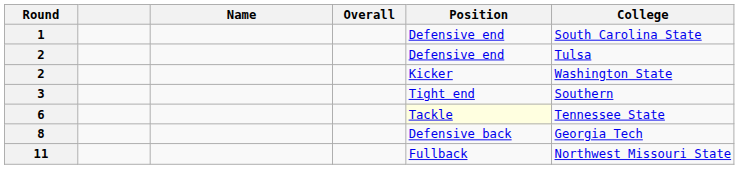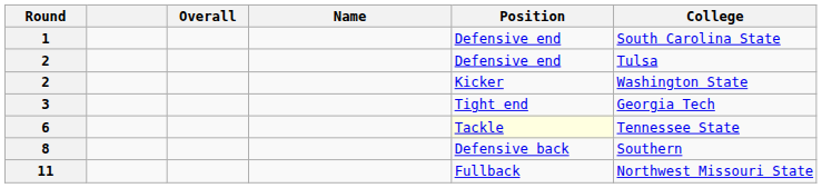 <table class="wikitable sortable">
 <tr>
 <th scope="col" style="width: 10%;">Round</th>
 <th scope="col" style="width: 10%;"></th>
+<th scope="col" style="width: 10%;">Overall</th>
 <th scope="col" style="width: 25%;">Name</th>
-<th scope="col" style="width: 10%;">Overall</th>
 <th scope="col" style="width: 20%;">Position</th>
 <th scope="col" style="width: 25%;">College</th>
 </tr>
 <tr>
 <th scope="row">1</th>
 <td></td>
 <td></td>
 <td></td>
 <td><a href='#'>Defensive end</a></td>
 <td><a href='#'>South Carolina State</a></td>
 </tr>
 <tr>
 <th scope="row">2</th>
 <td></td>
 <td></td>
 <td></td>
 <td><a href='#'>Defensive end</a></td>
 <td><a href='#'>Tulsa</a></td>
 </tr>
 <tr>
 <th scope="row">2</th>
 <td></td>
 <td></td>
 <td></td>
 <td><a href='#'>Kicker</a></td>
 <td><a href='#'>Washington State</a></td>
 </tr>
 <tr>
 <th scope="row">3</th>
 <td></td>
 <td></td>
 <td></td>
 <td><a href='#'>Tight end</a></td>
-<td><a href='#'>Southern</a></td>
+<td><a href='#'>Georgia Tech</a></td>
 </tr>
 <tr>
 <th scope="row">6</th>
 <td></td>
 <td></td>
 <td></td>
 <td style="background: lightyellow;"><a href='#'>Tackle</a></td>
 <td><a href='#'>Tennessee State</a></td>
 </tr>
 <tr>
 <th scope="row">8</th>
 <td></td>
 <td></td>
 <td></td>
 <td><a href='#'>Defensive back</a></td>
-<td><a href='#'>Georgia Tech</a></td>
+<td><a href='#'>Southern</a></td>
 </tr>
 <tr>
 <th scope="row">11</th>
 <td></td>
 <td></td>
 <td></td>
 <td><a href='#'>Fullback</a></td>
 <td><a href='#'>Northwest Missouri State</a></td>
 </tr>
 </table>
